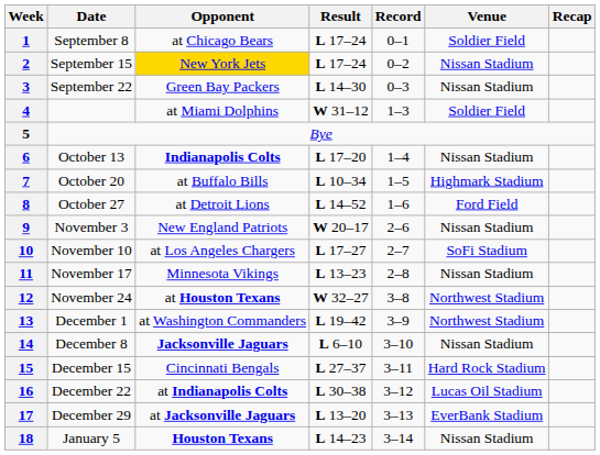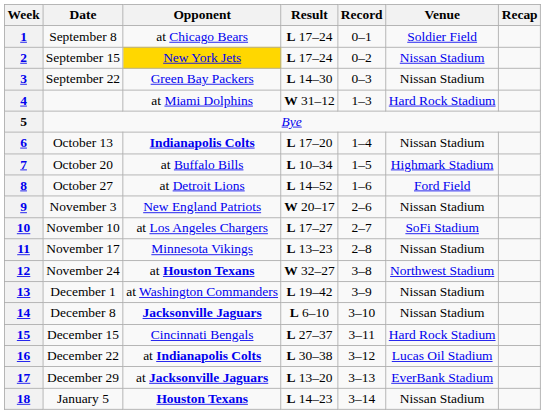 <table class="wikitable" style="text-align:center">
 <tr>
 <th>Week</th>
 <th>Date</th>
 <th>Opponent</th>
 <th>Result</th>
 <th>Record</th>
 <th>Venue</th>
 <th>Recap</th>
 </tr>
 <tr>
 <th><a href='#'>1</a></th>
 <td>September 8</td>
 <td>at <a href='#'>Chicago Bears</a></td>
 <td><strong>L</strong> 17–24</td>
 <td>0–1</td>
 <td><a href='#'>Soldier Field</a></td>
 <td></td>
 </tr>
 <tr>
 <th><a href='#'>2</a></th>
 <td>September 15</td>
 <td style="background: gold;"><a href='#'>New York Jets</a></td>
 <td><strong>L</strong> 17–24</td>
 <td>0–2</td>
 <td><a href='#'>Nissan Stadium</a></td>
 <td></td>
 </tr>
 <tr>
 <th><a href='#'>3</a></th>
 <td>September 22</td>
 <td><a href='#'>Green Bay Packers</a></td>
 <td><strong>L</strong> 14–30</td>
 <td>0–3</td>
 <td>Nissan Stadium</td>
 <td></td>
 </tr>
 <tr>
 <th><a href='#'>4</a></th>
 <td></td>
 <td>at <a href='#'>Miami Dolphins</a></td>
 <td><strong>W</strong> 31–12</td>
 <td>1–3</td>
-<td><a href='#'>Soldier Field</a></td>
+<td><a href='#'>Hard Rock Stadium</a></td>
 <td></td>
 </tr>
 <tr>
 <th>5</th>
 <td colspan="6"><em><a href='#'>Bye</a></em></td>
 </tr>
 <tr>
 <th><a href='#'>6</a></th>
 <td>October 13</td>
 <td><strong><a href='#'>Indianapolis Colts</a></strong></td>
 <td><strong>L</strong> 17–20</td>
 <td>1–4</td>
 <td>Nissan Stadium</td>
 <td></td>
 </tr>
 <tr>
 <th><a href='#'>7</a></th>
 <td>October 20</td>
 <td>at <a href='#'>Buffalo Bills</a></td>
 <td><strong>L</strong> 10–34</td>
 <td>1–5</td>
 <td><a href='#'>Highmark Stadium</a></td>
 <td></td>
 </tr>
 <tr>
 <th><a href='#'>8</a></th>
 <td>October 27</td>
 <td>at <a href='#'>Detroit Lions</a></td>
 <td><strong>L</strong> 14–52</td>
 <td>1–6</td>
 <td><a href='#'>Ford Field</a></td>
 <td></td>
 </tr>
 <tr>
 <th><a href='#'>9</a></th>
 <td>November 3</td>
 <td><a href='#'>New England Patriots</a></td>
 <td><strong>W</strong> 20–17 </td>
 <td>2–6</td>
 <td>Nissan Stadium</td>
 <td></td>
 </tr>
 <tr>
 <th><a href='#'>10</a></th>
 <td>November 10</td>
 <td>at <a href='#'>Los Angeles Chargers</a></td>
 <td><strong>L</strong> 17–27</td>
 <td>2–7</td>
 <td><a href='#'>SoFi Stadium</a></td>
 <td></td>
 </tr>
 <tr>
 <th><a href='#'>11</a></th>
 <td>November 17</td>
 <td><a href='#'>Minnesota Vikings</a></td>
 <td><strong>L</strong> 13–23</td>
 <td>2–8</td>
 <td>Nissan Stadium</td>
 <td></td>
 </tr>
 <tr>
 <th><a href='#'>12</a></th>
 <td>November 24</td>
 <td>at <strong><a href='#'>Houston Texans</a></strong></td>
 <td><strong>W</strong> 32–27</td>
 <td>3–8</td>
 <td><a href='#'>Northwest Stadium</a></td>
 <td></td>
 </tr>
 <tr>
 <th><a href='#'>13</a></th>
 <td>December 1</td>
 <td>at <a href='#'>Washington Commanders</a></td>
 <td><strong>L</strong> 19–42</td>
 <td>3–9</td>
-<td><a href='#'>Northwest Stadium</a></td>
+<td>Nissan Stadium</td>
 <td></td>
 </tr>
 <tr>
 <th><a href='#'>14</a></th>
 <td>December 8</td>
 <td><strong><a href='#'>Jacksonville Jaguars</a></strong></td>
 <td><strong>L</strong> 6–10</td>
 <td>3–10</td>
 <td>Nissan Stadium</td>
 <td></td>
 </tr>
 <tr>
 <th><a href='#'>15</a></th>
 <td>December 15</td>
 <td><a href='#'>Cincinnati Bengals</a></td>
 <td><strong>L</strong> 27–37</td>
 <td>3–11</td>
 <td><a href='#'>Hard Rock Stadium</a></td>
 <td></td>
 </tr>
 <tr>
 <th><a href='#'>16</a></th>
 <td>December 22</td>
 <td>at <strong><a href='#'>Indianapolis Colts</a></strong></td>
 <td><strong>L</strong> 30–38</td>
 <td>3–12</td>
 <td><a href='#'>Lucas Oil Stadium</a></td>
 <td></td>
 </tr>
 <tr>
 <th><a href='#'>17</a></th>
 <td>December 29</td>
 <td>at <strong><a href='#'>Jacksonville Jaguars</a></strong></td>
 <td><strong>L</strong> 13–20</td>
 <td>3–13</td>
 <td><a href='#'>EverBank Stadium</a></td>
 <td></td>
 </tr>
 <tr>
 <th><a href='#'>18</a></th>
 <td>January 5</td>
 <td><strong><a href='#'>Houston Texans</a></strong></td>
 <td><strong>L</strong> 14–23</td>
 <td>3–14</td>
 <td>Nissan Stadium</td>
 <td></td>
 </tr>
 </table>
